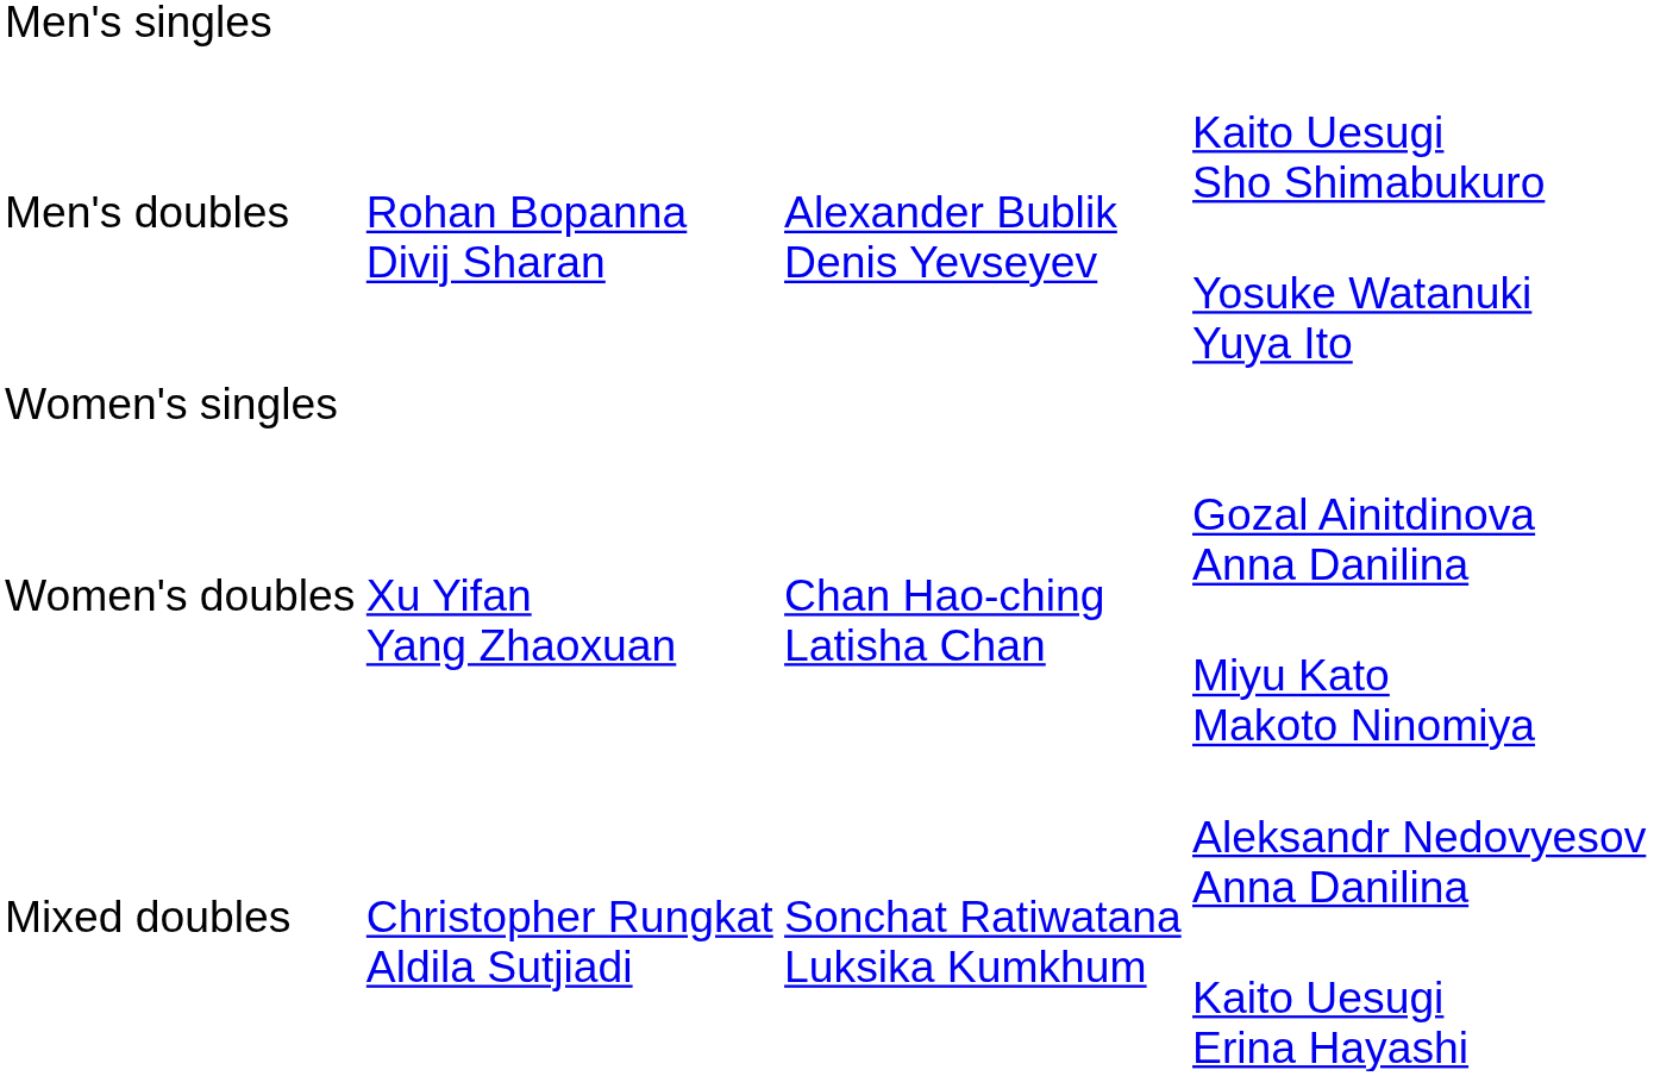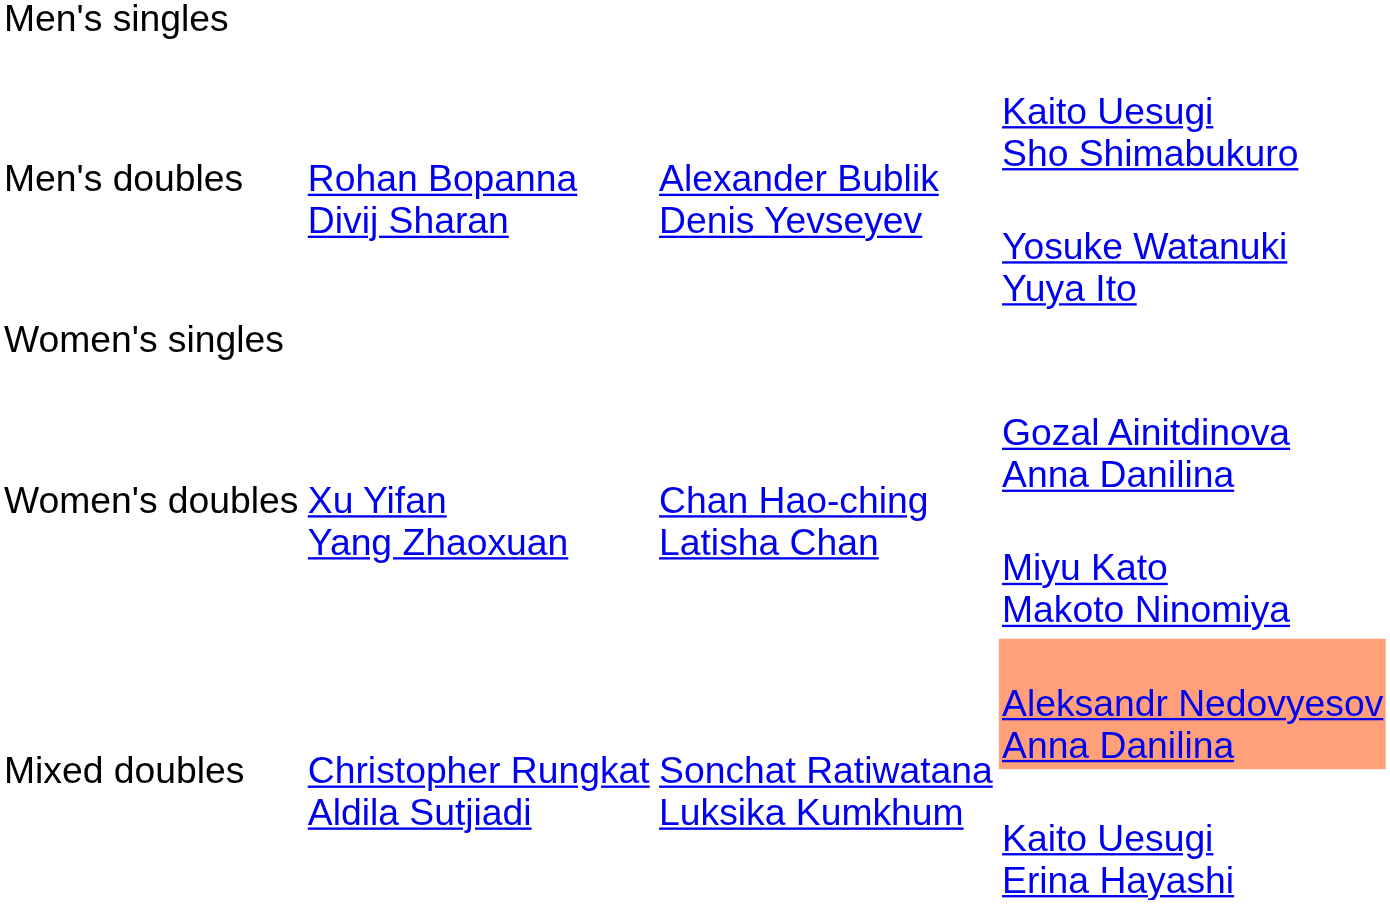 <table>
 <tr>
 <td rowspan=2>Men's singles<br></td>
 <td rowspan=2></td>
 <td rowspan=2></td>
 <td></td>
 </tr>
 <tr>
 <td></td>
 </tr>
 <tr>
 <td rowspan=2>Men's doubles<br></td>
 <td rowspan=2><br><a href='#'>Rohan Bopanna</a><br><a href='#'>Divij Sharan</a></td>
 <td rowspan=2><br><a href='#'>Alexander Bublik</a><br><a href='#'>Denis Yevseyev</a></td>
 <td><br><a href='#'>Kaito Uesugi</a><br><a href='#'>Sho Shimabukuro</a></td>
 </tr>
 <tr>
 <td><br><a href='#'>Yosuke Watanuki</a><br><a href='#'>Yuya Ito</a></td>
 </tr>
 <tr>
 <td rowspan=2>Women's singles<br></td>
 <td rowspan=2></td>
 <td rowspan=2></td>
 <td></td>
 </tr>
 <tr>
 <td></td>
 </tr>
 <tr>
 <td rowspan=2>Women's doubles<br></td>
 <td rowspan=2><br><a href='#'>Xu Yifan</a><br><a href='#'>Yang Zhaoxuan</a></td>
 <td rowspan=2><br><a href='#'>Chan Hao-ching</a><br><a href='#'>Latisha Chan</a></td>
 <td><br><a href='#'>Gozal Ainitdinova</a><br><a href='#'>Anna Danilina</a></td>
 </tr>
 <tr>
 <td><br><a href='#'>Miyu Kato</a><br><a href='#'>Makoto Ninomiya</a></td>
 </tr>
 <tr>
 <td rowspan=2>Mixed doubles<br></td>
 <td rowspan=2><br><a href='#'>Christopher Rungkat</a><br><a href='#'>Aldila Sutjiadi</a></td>
 <td rowspan=2><br><a href='#'>Sonchat Ratiwatana</a><br><a href='#'>Luksika Kumkhum</a></td>
-<td><br><a href='#'>Aleksandr Nedovyesov</a><br><a href='#'>Anna Danilina</a></td>
+<td style="background: lightsalmon;"><br><a href='#'>Aleksandr Nedovyesov</a><br><a href='#'>Anna Danilina</a></td>
 </tr>
 <tr>
 <td><br><a href='#'>Kaito Uesugi</a><br><a href='#'>Erina Hayashi</a></td>
 </tr>
 </table>
